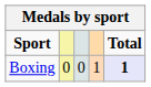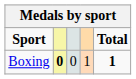 <table class=wikitable style="font-size:85%;text-align:center;float:right;clear:right;margin-left:1em;">
 <tr bgcolor=EFEFEF>
 <th colspan=7>Medals by sport</th>
 </tr>
 <tr>
 <td><strong>Sport</strong></td>
 <td bgcolor=F7F6A8></td>
 <td bgcolor=DCE5E5></td>
 <td bgcolor=FFDBA9></td>
 <td><strong>Total</strong></td>
 </tr>
 <tr>
 <td><a href='#'>Boxing</a></td>
-<td bgcolor=F7F6A8>0</td>
+<td bgcolor=F7F6A8><strong>0</strong></td>
 <td bgcolor=DCE5E5>0</td>
 <td bgcolor=FFDAB9>1</td>
-<td style="background: lavender;"><strong>1</strong></td>
+<td><strong>1</strong></td>
 </tr>
 </table>
